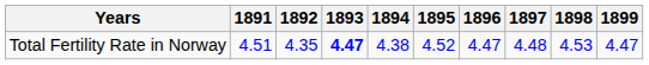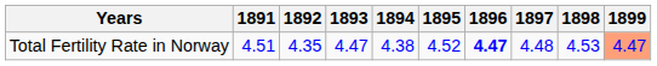 <table class="wikitable " style="text-align:right">
 <tr>
 <th>Years</th>
 <th>1891</th>
 <th>1892</th>
 <th>1893</th>
 <th>1894</th>
 <th>1895</th>
 <th>1896</th>
 <th>1897</th>
 <th>1898</th>
 <th>1899</th>
 </tr>
 <tr>
 <td align="left">Total Fertility Rate in Norway</td>
 <td style="text-align:right; color:blue;">4.51</td>
 <td style="text-align:right; color:blue;">4.35</td>
-<td style="text-align:right; color:blue;"><strong>4.47</strong></td>
+<td style="text-align:right; color:blue;">4.47</td>
 <td style="text-align:right; color:blue;">4.38</td>
 <td style="text-align:right; color:blue;">4.52</td>
-<td style="text-align:right; color:blue;">4.47</td>
+<td style="text-align:right; color:blue;"><strong>4.47</strong></td>
 <td style="text-align:right; color:blue;">4.48</td>
 <td style="text-align:right; color:blue;">4.53</td>
-<td style="text-align:right; color:blue;">4.47</td>
+<td style="background: lightsalmon; text-align:right; color:blue;">4.47</td>
 </tr>
 </table>
